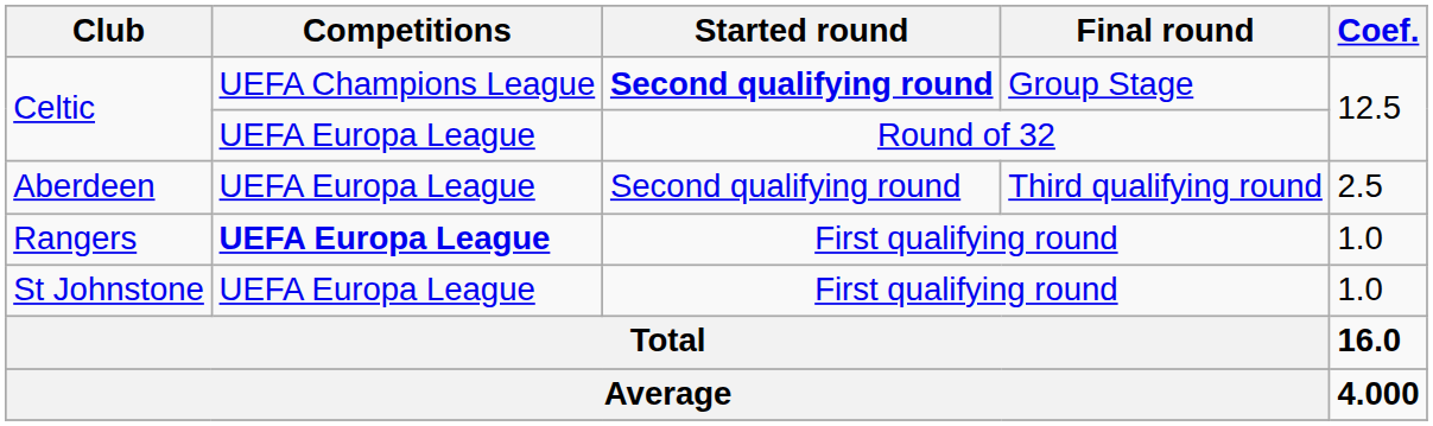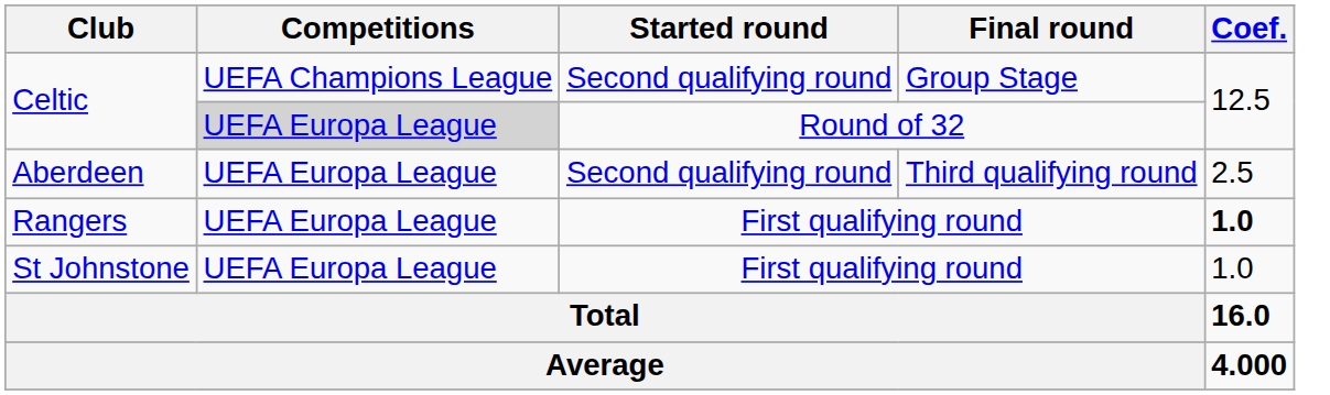 <table class="wikitable">
 <tr>
 <th>Club</th>
 <th>Competitions</th>
 <th>Started round</th>
 <th>Final round</th>
 <th><a href='#'>Coef.</a></th>
 </tr>
 <tr>
 <td rowspan=2><a href='#'>Celtic</a></td>
 <td><a href='#'>UEFA Champions League</a></td>
-<td><strong><a href='#'>Second qualifying round</a></strong></td>
+<td><a href='#'>Second qualifying round</a></td>
 <td><a href='#'>Group Stage</a></td>
 <td rowspan=2>12.5</td>
 </tr>
 <tr>
-<td><a href='#'>UEFA Europa League</a></td>
+<td style="background: lightgrey;"><a href='#'>UEFA Europa League</a></td>
 <td colspan=2 align=center><a href='#'>Round of 32</a></td>
 </tr>
 <tr>
 <td><a href='#'>Aberdeen</a></td>
 <td><a href='#'>UEFA Europa League</a></td>
 <td><a href='#'>Second qualifying round</a></td>
 <td><a href='#'>Third qualifying round</a></td>
 <td>2.5</td>
 </tr>
 <tr>
 <td><a href='#'>Rangers</a></td>
-<td><strong><a href='#'>UEFA Europa League</a></strong></td>
+<td><a href='#'>UEFA Europa League</a></td>
 <td colspan=2 align=center><a href='#'>First qualifying round</a></td>
-<td>1.0</td>
+<td><strong>1.0</strong></td>
 </tr>
 <tr>
 <td><a href='#'>St Johnstone</a></td>
 <td><a href='#'>UEFA Europa League</a></td>
 <td colspan=2 align=center><a href='#'>First qualifying round</a></td>
 <td>1.0</td>
 </tr>
 <tr>
 <th colspan=4>Total</th>
 <td><strong>16.0</strong></td>
 </tr>
 <tr>
 <th colspan=4>Average</th>
 <td><strong>4.000</strong></td>
 </tr>
 </table>
